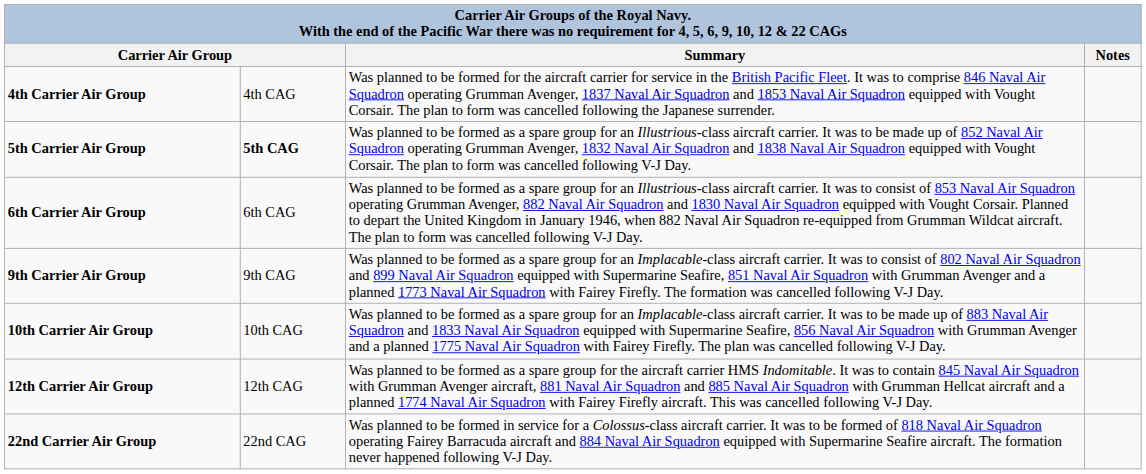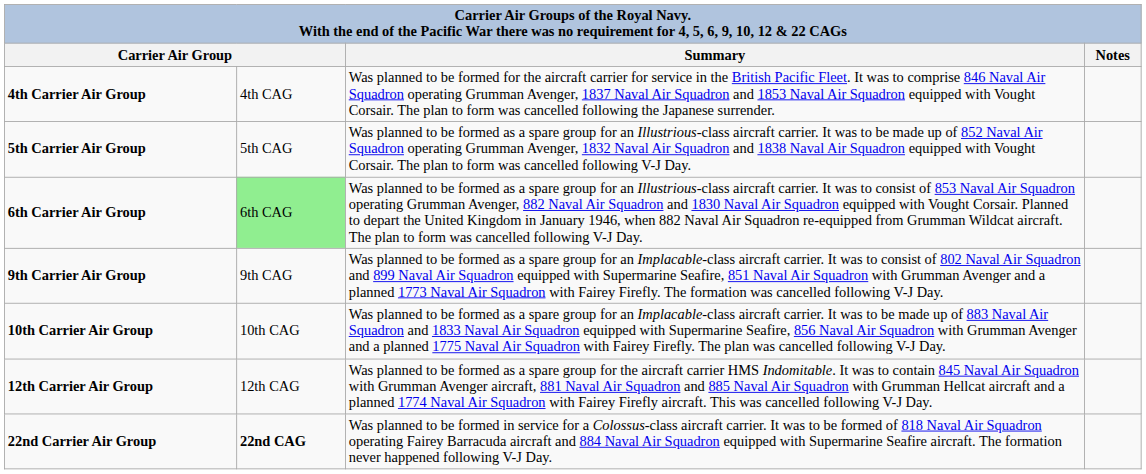 <table class="wikitable" style="margin:auto; width:100%;">
 <tr>
 <th style="align: center; background:#B0C4DE;" colspan=5>Carrier Air Groups of the Royal Navy.<br> With the end of the Pacific War there was no requirement for 4, 5, 6, 9, 10, 12 & 22 CAGs</th>
 </tr>
 <tr>
 <th style="text-align:center; width:30%;" colspan=2>Carrier Air Group</th>
 <th style="text-align:center; width:65%;">Summary</th>
 <th style="text-align:center; width:5%;">Notes</th>
 </tr>
 <tr>
 <td style="text-align:centre;"><strong>4th Carrier Air Group</strong></td>
 <td>4th CAG</td>
 <td align=left>Was planned to be formed for the aircraft carrier  for service in the <a href='#'>British Pacific Fleet</a>. It was to comprise <a href='#'>846 Naval Air Squadron</a> operating Grumman Avenger, <a href='#'>1837 Naval Air Squadron</a> and <a href='#'>1853 Naval Air Squadron</a> equipped with Vought Corsair. The plan to form was cancelled following the Japanese surrender.</td>
 <td></td>
 </tr>
 <tr>
 <td style="text-align:centre;"><strong>5th Carrier Air Group</strong></td>
-<td><strong>5th CAG</strong></td>
+<td>5th CAG</td>
 <td align=left>Was planned to be formed as a spare group for an <em>Illustrious</em>-class aircraft carrier. It was to be made up of <a href='#'>852 Naval Air Squadron</a> operating Grumman Avenger, <a href='#'>1832 Naval Air Squadron</a> and <a href='#'>1838 Naval Air Squadron</a> equipped with Vought Corsair. The plan to form was cancelled following V-J Day.</td>
 <td></td>
 </tr>
 <tr>
 <td style="text-align:centre;"><strong>6th Carrier Air Group</strong></td>
-<td>6th CAG</td>
+<td style="background: lightgreen;">6th CAG</td>
 <td align=left>Was planned to be formed as a spare group for an <em>Illustrious</em>-class aircraft carrier. It was to consist of <a href='#'>853 Naval Air Squadron</a> operating Grumman Avenger, <a href='#'>882 Naval Air Squadron</a> and <a href='#'>1830 Naval Air Squadron</a> equipped with Vought Corsair. Planned to depart the United Kingdom in January 1946, when 882 Naval Air Squadron re-equipped from Grumman Wildcat aircraft. The plan to form was cancelled following V-J Day.</td>
 <td></td>
 </tr>
 <tr>
 <td style="text-align:centre;"><strong>9th Carrier Air Group</strong></td>
 <td>9th CAG</td>
 <td align=left>Was planned to be formed as a spare group for an <em>Implacable</em>-class aircraft carrier. It was to consist of <a href='#'>802 Naval Air Squadron</a> and <a href='#'>899 Naval Air Squadron</a> equipped with Supermarine Seafire, <a href='#'>851 Naval Air Squadron</a> with Grumman Avenger and a planned <a href='#'>1773 Naval Air Squadron</a> with Fairey Firefly. The formation was cancelled following V-J Day.</td>
 <td></td>
 </tr>
 <tr>
 <td style="text-align:centre;"><strong>10th Carrier Air Group</strong></td>
 <td>10th CAG</td>
 <td align=left>Was planned to be formed as a spare group for an <em>Implacable</em>-class aircraft carrier. It was to be made up of <a href='#'>883 Naval Air Squadron</a> and <a href='#'>1833 Naval Air Squadron</a> equipped with Supermarine Seafire, <a href='#'>856 Naval Air Squadron</a> with Grumman Avenger and a planned <a href='#'>1775 Naval Air Squadron</a> with Fairey Firefly. The plan was cancelled following V-J Day.</td>
 <td></td>
 </tr>
 <tr>
 <td style="text-align:centre;"><strong>12th Carrier Air Group</strong></td>
 <td>12th CAG</td>
 <td align=left>Was planned to be formed as a spare group for the aircraft carrier HMS <em>Indomitable</em>. It was to contain <a href='#'>845 Naval Air Squadron</a> with Grumman Avenger aircraft, <a href='#'>881 Naval Air Squadron</a> and <a href='#'>885 Naval Air Squadron</a> with Grumman Hellcat aircraft and a planned <a href='#'>1774 Naval Air Squadron</a> with Fairey Firefly aircraft. This was cancelled following V-J Day.</td>
 <td></td>
 </tr>
 <tr>
 <td style="text-align:centre;"><strong>22nd Carrier Air Group</strong></td>
-<td>22nd CAG</td>
+<td><strong>22nd CAG</strong></td>
 <td align=left>Was planned to be formed in service for a <em>Colossus</em>-class aircraft carrier. It was to be formed of <a href='#'>818 Naval Air Squadron</a> operating Fairey Barracuda aircraft and <a href='#'>884 Naval Air Squadron</a> equipped with Supermarine Seafire aircraft. The formation never happened following V-J Day.</td>
 <td></td>
 </tr>
 </table>
